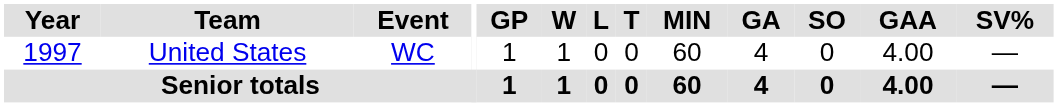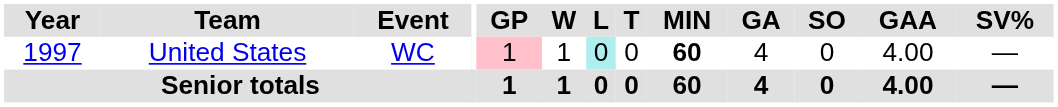 <table border="0" cellpadding="1" cellspacing="0" ID="Table3" style="text-align:center; width:40em">
 <tr ALIGN="center" bgcolor="#e0e0e0">
 <th>Year</th>
 <th>Team</th>
 <th>Event</th>
 <th rowspan="99" bgcolor="#ffffff"></th>
 <th>GP</th>
 <th>W</th>
 <th>L</th>
 <th>T</th>
 <th>MIN</th>
 <th>GA</th>
 <th>SO</th>
 <th>GAA</th>
 <th>SV%</th>
 </tr>
 <tr>
 <td><a href='#'>1997</a></td>
 <td><a href='#'>United States</a></td>
 <td><a href='#'>WC</a></td>
+<td style="background: pink;">1</td>
 <td>1</td>
-<td>1</td>
+<td style="background: paleturquoise;">0</td>
 <td>0</td>
-<td>0</td>
-<td>60</td>
+<td><strong>60</strong></td>
 <td>4</td>
 <td>0</td>
 <td>4.00</td>
 <td>—</td>
 </tr>
 <tr bgcolor="#e0e0e0">
 <th colspan=4>Senior totals</th>
 <th>1</th>
 <th>1</th>
 <th>0</th>
 <th>0</th>
 <th>60</th>
 <th>4</th>
 <th>0</th>
 <th>4.00</th>
 <th>—</th>
 </tr>
 </table>
